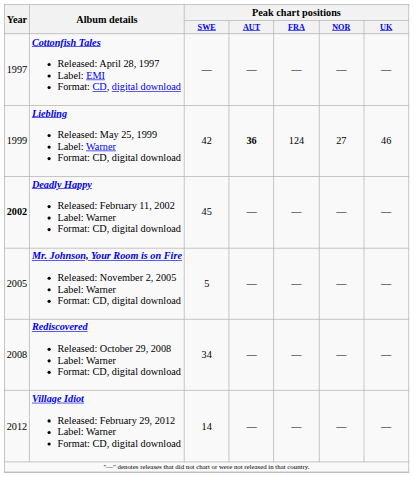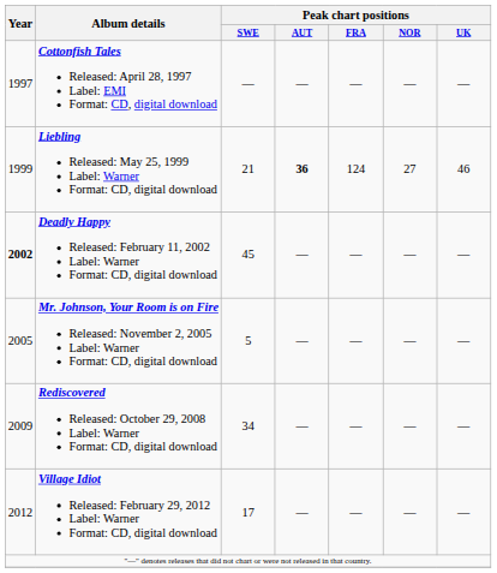 <table class="wikitable">
 <tr>
 <th rowspan="2">Year</th>
 <th rowspan="2">Album details</th>
 <th colspan="5">Peak chart positions</th>
 </tr>
 <tr>
 <th style="width:5em;font-size:80%"><a href='#'>SWE</a><br></th>
 <th style="width:5em;font-size:80%"><a href='#'>AUT</a><br></th>
 <th style="width:5em;font-size:80%"><a href='#'>FRA</a><br></th>
 <th style="width:5em;font-size:80%"><a href='#'>NOR</a><br></th>
 <th style="width:5em;font-size:80%"><a href='#'>UK</a><br></th>
 </tr>
 <tr>
 <td style="text-align:center;">1997</td>
 <td align="left"><strong><em><a href='#'>Cottonfish Tales</a></em></strong><br><ul><li>Released: April 28, 1997</li><li>Label: <a href='#'>EMI</a></li><li>Format: <a href='#'>CD</a>, <a href='#'>digital download</a></li></ul></td>
 <td style="text-align:center">—</td>
 <td style="text-align:center">—</td>
 <td style="text-align:center">—</td>
 <td style="text-align:center">—</td>
 <td style="text-align:center">—</td>
 </tr>
 <tr>
 <td style="text-align:center;">1999</td>
 <td align="left"><strong><em><a href='#'>Liebling</a></em></strong><br><ul><li>Released: May 25, 1999</li><li>Label: <a href='#'>Warner</a></li><li>Format: CD, digital download</li></ul></td>
-<td style="text-align:center">42</td>
+<td style="text-align:center">21</td>
 <td style="text-align:center"><strong>36</strong></td>
 <td style="text-align:center">124</td>
 <td style="text-align:center">27</td>
 <td style="text-align:center">46</td>
 </tr>
 <tr>
 <td style="text-align:center;"><strong>2002</strong></td>
 <td align="left"><strong><em><a href='#'>Deadly Happy</a></em></strong><br><ul><li>Released: February 11, 2002</li><li>Label: Warner</li><li>Format: CD, digital download</li></ul></td>
 <td style="text-align:center">45</td>
 <td style="text-align:center">—</td>
 <td style="text-align:center">—</td>
 <td style="text-align:center">—</td>
 <td style="text-align:center">—</td>
 </tr>
 <tr>
 <td style="text-align:center;">2005</td>
 <td align="left"><strong><em><a href='#'>Mr. Johnson, Your Room is on Fire</a></em></strong><br><ul><li>Released: November 2, 2005</li><li>Label: Warner</li><li>Format: CD, digital download</li></ul></td>
 <td style="text-align:center">5</td>
 <td style="text-align:center">—</td>
 <td style="text-align:center">—</td>
 <td style="text-align:center">—</td>
 <td style="text-align:center">—</td>
 </tr>
 <tr>
-<td style="text-align:center;">2008</td>
+<td style="text-align:center;">2009</td>
 <td align="left"><strong><em><a href='#'>Rediscovered</a></em></strong><br><ul><li>Released: October 29, 2008</li><li>Label: Warner</li><li>Format: CD, digital download</li></ul></td>
 <td style="text-align:center">34</td>
 <td style="text-align:center">—</td>
 <td style="text-align:center">—</td>
 <td style="text-align:center">—</td>
 <td style="text-align:center">—</td>
 </tr>
 <tr>
 <td style="text-align:center;">2012</td>
 <td align="left"><strong><em><a href='#'>Village Idiot</a></em></strong><br><ul><li>Released: February 29, 2012</li><li>Label: Warner</li><li>Format: CD, digital download</li></ul></td>
-<td style="text-align:center">14</td>
+<td style="text-align:center">17</td>
 <td style="text-align:center">—</td>
 <td style="text-align:center">—</td>
 <td style="text-align:center">—</td>
 <td style="text-align:center">—</td>
 </tr>
 <tr>
 <td align="center" colspan="21" style="font-size: 8pt">"—" denotes releases that did not chart or were not released in that country.</td>
 </tr>
 <tr>
 </tr>
 </table>
